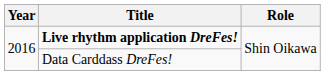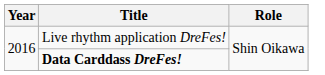 <table class="wikitable">
 <tr>
 <th>Year</th>
 <th>Title</th>
 <th>Role</th>
 </tr>
 <tr>
 <td rowspan="2">2016</td>
-<td><strong>Live rhythm application <em>DreFes!</em></strong></td>
+<td>Live rhythm application <em>DreFes!</em></td>
 <td rowspan="2">Shin Oikawa</td>
 </tr>
 <tr>
-<td>Data Carddass <em>DreFes!</em></td>
+<td><strong>Data Carddass <em>DreFes!</em></strong></td>
 </tr>
 </table>
